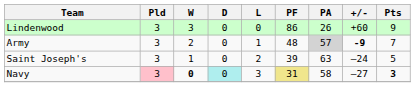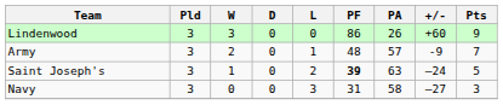 <table class="wikitable" style="text-align: center;">
 <tr>
 <th width="180">Team</th>
 <th width="40">Pld</th>
 <th width="40">W</th>
 <th width="40">D</th>
 <th width="40">L</th>
 <th width="40">PF</th>
 <th width="40">PA</th>
 <th width="40">+/-</th>
 <th width="40">Pts</th>
 </tr>
 <tr bgcolor=#ccffcc>
 <td align="left">Lindenwood</td>
 <td>3</td>
 <td>3</td>
 <td>0</td>
 <td>0</td>
 <td>86</td>
 <td>26</td>
 <td>+60</td>
 <td>9</td>
 </tr>
 <tr>
 <td align="left">Army</td>
 <td>3</td>
 <td>2</td>
 <td>0</td>
 <td>1</td>
 <td>48</td>
-<td style="background: lightgrey;">57</td>
-<td><strong>-9</strong></td>
+<td>57</td>
+<td>-9</td>
 <td>7</td>
 </tr>
 <tr>
 <td align="left">Saint Joseph's</td>
 <td>3</td>
 <td>1</td>
 <td>0</td>
 <td>2</td>
-<td>39</td>
+<td><strong>39</strong></td>
 <td>63</td>
 <td>–24</td>
 <td>5</td>
 </tr>
 <tr>
 <td align="left">Navy</td>
-<td style="background: pink;">3</td>
-<td><strong>0</strong></td>
-<td style="background: paleturquoise;">0</td>
 <td>3</td>
-<td style="background: khaki;">31</td>
+<td>0</td>
+<td>0</td>
+<td>3</td>
+<td>31</td>
 <td>58</td>
 <td>–27</td>
-<td><strong>3</strong></td>
+<td>3</td>
 </tr>
 <tr>
 </tr>
 </table>
